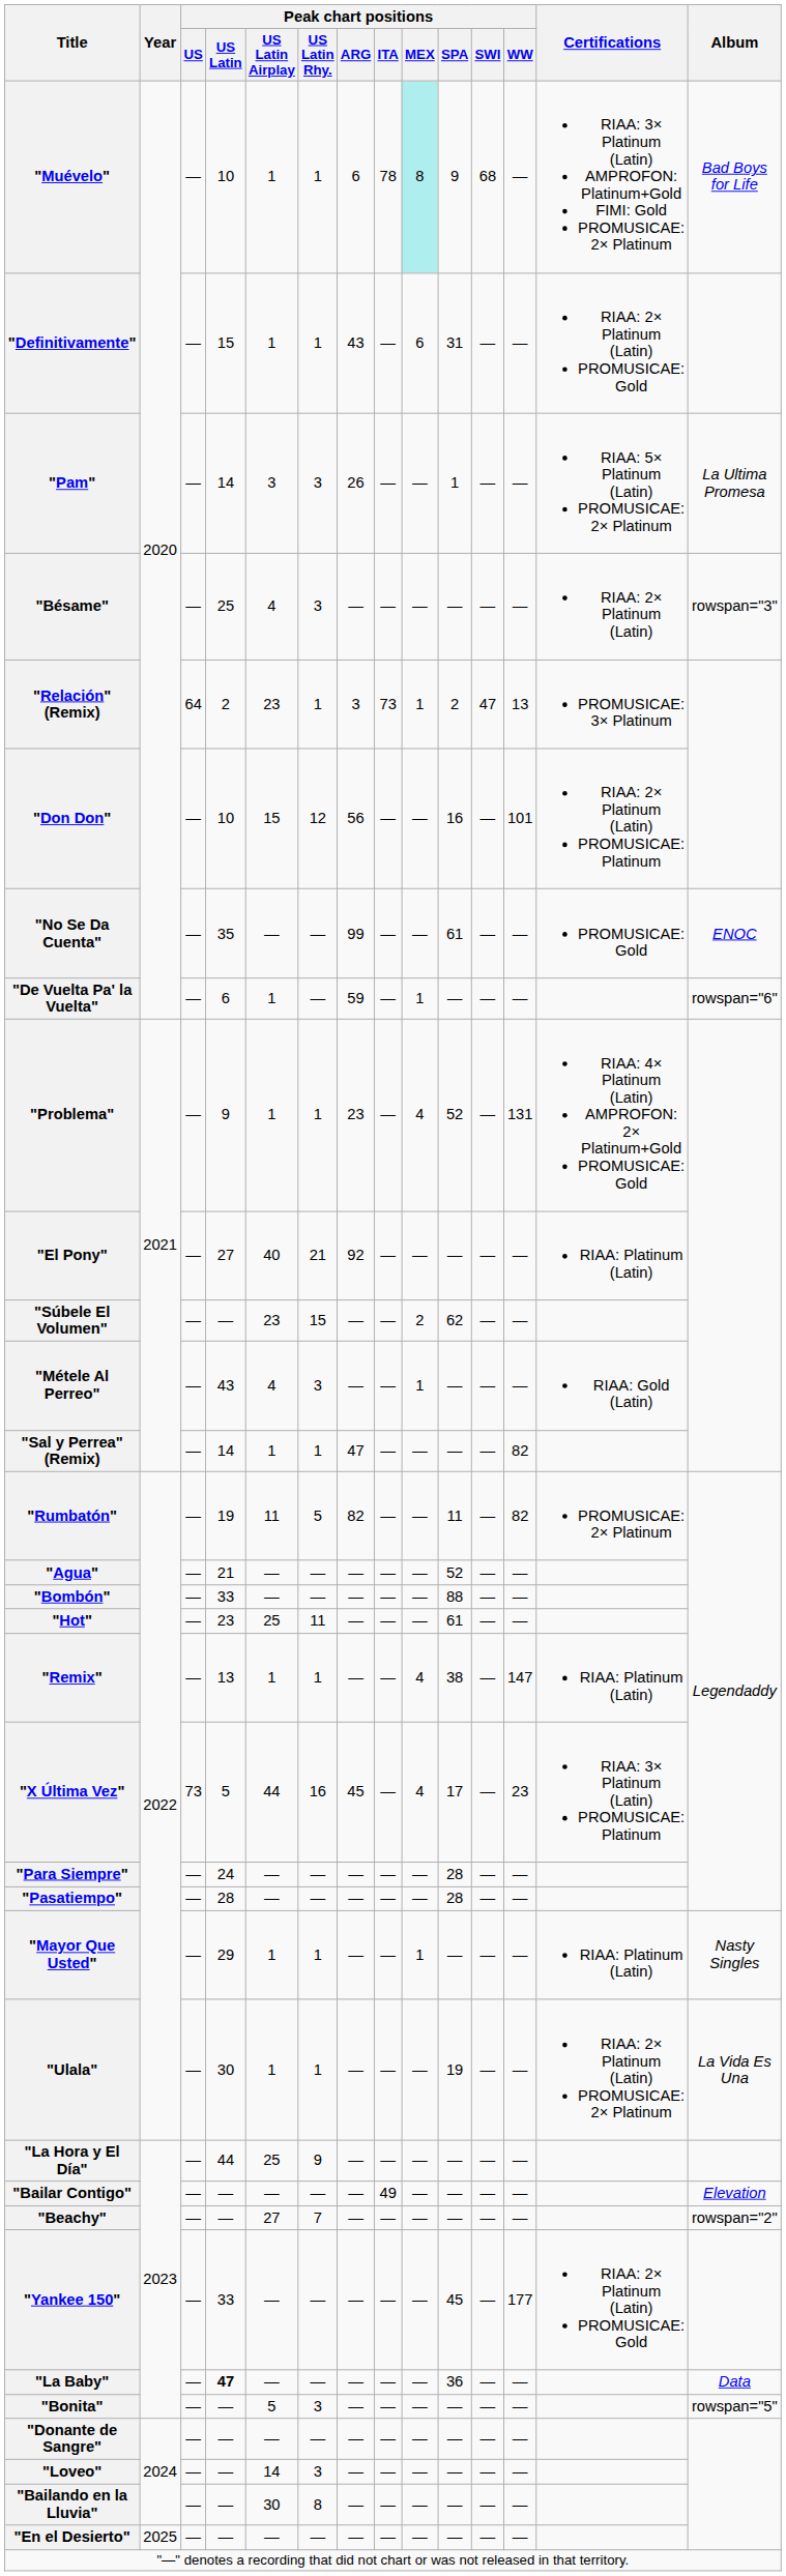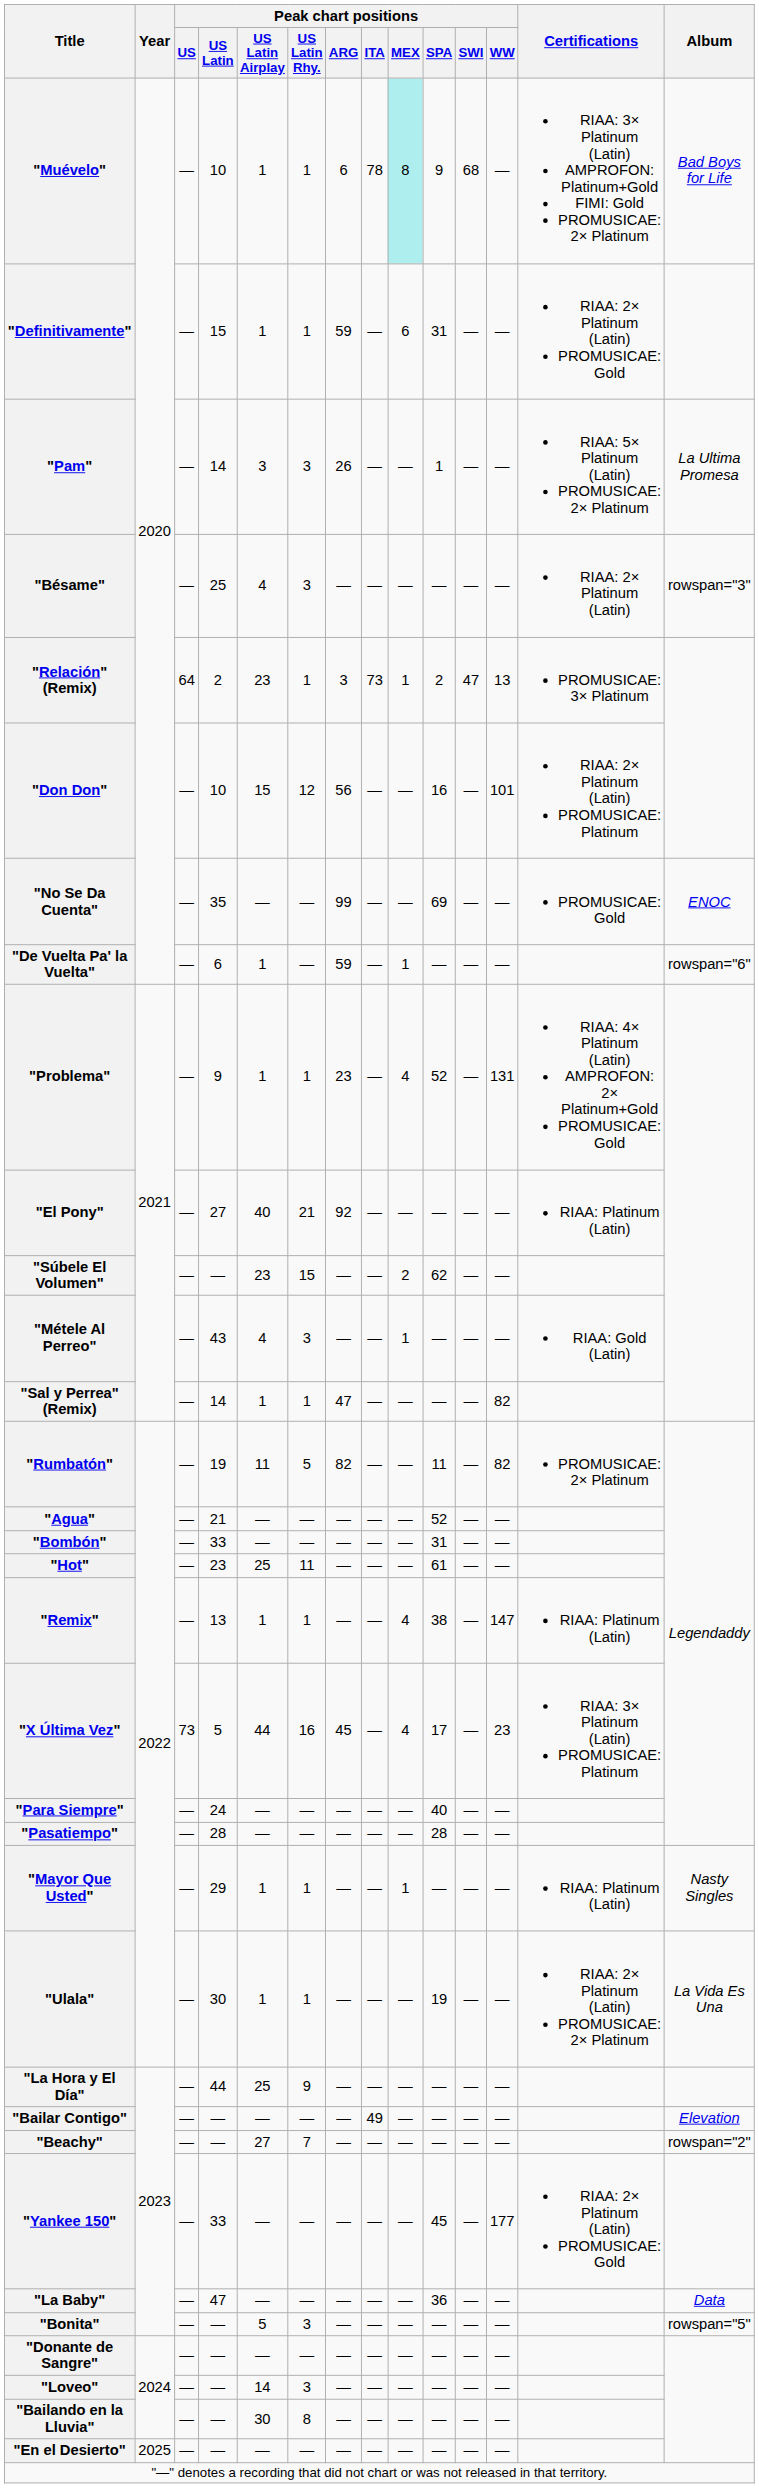 <table class="wikitable plainrowheaders" style="text-align:center;">
 <tr>
 <th scope="col" rowspan="2" style="width:16em;">Title</th>
 <th scope="col" rowspan="2" style="width:1em;">Year</th>
 <th scope="col" colspan="10">Peak chart positions</th>
 <th scope="col" rowspan="2" style="width:14em;"><a href='#'>Certifications</a></th>
 <th scope="col" rowspan="2" style="width:9em;">Album</th>
 </tr>
 <tr>
 <th scope="col" style="width:3em;font-size:90%;"><a href='#'>US</a><br></th>
 <th scope="col" style="width:3em;font-size:90%;"><a href='#'>US<br>Latin</a><br></th>
 <th scope="col" style="width:3em;font-size:90%;"><a href='#'>US<br>Latin<br>Airplay</a><br></th>
 <th scope="col" style="width:3em;font-size:90%;"><a href='#'>US<br>Latin<br>Rhy.</a><br></th>
 <th scope="col" style="width:3em;font-size:90%;"><a href='#'>ARG</a><br></th>
 <th scope="col" style="width:3em;font-size:90%;"><a href='#'>ITA</a><br></th>
 <th scope="col" style="width:3em;font-size:90%;"><a href='#'>MEX</a><br></th>
 <th scope="col" style="width:3em;font-size:90%;"><a href='#'>SPA</a><br></th>
 <th scope="col" style="width:2.5em;font-size:90%;"><a href='#'>SWI</a> <br></th>
 <th scope="col" style="width:2.5em;font-size:90%;"><a href='#'>WW</a><br></th>
 </tr>
 <tr>
 <th scope="row">"<a href='#'>Muévelo</a>"<br></th>
 <td rowspan="8">2020</td>
 <td>—</td>
 <td>10</td>
 <td>1</td>
 <td>1</td>
 <td>6</td>
 <td>78</td>
 <td style="background: paleturquoise;">8</td>
 <td>9</td>
 <td>68</td>
 <td>—</td>
 <td><br><ul><li>RIAA: 3× Platinum (Latin)</li><li>AMPROFON: Platinum+Gold</li><li>FIMI: Gold</li><li>PROMUSICAE: 2× Platinum</li></ul></td>
 <td><em><a href='#'>Bad Boys for Life</a></em></td>
 </tr>
 <tr>
 <th scope="row">"<a href='#'>Definitivamente</a>"<br></th>
 <td>—</td>
 <td>15</td>
 <td>1</td>
 <td>1</td>
-<td>43</td>
+<td>59</td>
 <td>—</td>
 <td>6</td>
 <td>31</td>
 <td>—</td>
 <td>—</td>
 <td><br><ul><li>RIAA: 2× Platinum (Latin)</li><li>PROMUSICAE: Gold</li></ul></td>
 <td></td>
 </tr>
 <tr>
 <th scope="row">"<a href='#'>Pam</a>"<br></th>
 <td>—</td>
 <td>14</td>
 <td>3</td>
 <td>3</td>
 <td>26</td>
 <td>—</td>
 <td>—</td>
 <td>1</td>
 <td>—</td>
 <td>—</td>
 <td><br><ul><li>RIAA: 5× Platinum (Latin)</li><li>PROMUSICAE: 2× Platinum</li></ul></td>
 <td><em>La Ultima Promesa</em></td>
 </tr>
 <tr>
 <th scope="row">"Bésame"<br></th>
 <td>—</td>
 <td>25</td>
 <td>4</td>
 <td>3</td>
 <td>—</td>
 <td>—</td>
 <td>—</td>
 <td>—</td>
 <td>—</td>
 <td>—</td>
 <td><br><ul><li>RIAA: 2× Platinum (Latin)</li></ul></td>
 <td>rowspan="3" </td>
 </tr>
 <tr>
 <th scope="row">"<a href='#'>Relación</a>" (Remix)<br></th>
 <td>64</td>
 <td>2</td>
 <td>23</td>
 <td>1</td>
 <td>3</td>
 <td>73</td>
 <td>1</td>
 <td>2</td>
 <td>47</td>
 <td>13</td>
 <td><br><ul><li>PROMUSICAE: 3× Platinum</li></ul></td>
 </tr>
 <tr>
 <th scope="row">"<a href='#'>Don Don</a>"<br></th>
 <td>—</td>
 <td>10</td>
 <td>15</td>
 <td>12</td>
 <td>56</td>
 <td>—</td>
 <td>—</td>
 <td>16</td>
 <td>—</td>
 <td>101</td>
 <td><br><ul><li>RIAA: 2× Platinum (Latin)</li><li>PROMUSICAE: Platinum</li></ul></td>
 </tr>
 <tr>
 <th scope="row">"No Se Da Cuenta"<br></th>
 <td>—</td>
 <td>35</td>
 <td>—</td>
 <td>—</td>
 <td>99</td>
 <td>—</td>
 <td>—</td>
-<td>61</td>
+<td>69</td>
 <td>—</td>
 <td>—</td>
 <td><br><ul><li>PROMUSICAE: Gold</li></ul></td>
 <td><em><a href='#'>ENOC</a></em></td>
 </tr>
 <tr>
 <th scope="row">"De Vuelta Pa' la Vuelta"<br></th>
 <td>—</td>
 <td>6</td>
 <td>1</td>
 <td>—</td>
 <td>59</td>
 <td>—</td>
 <td>1</td>
 <td>—</td>
 <td>—</td>
 <td>—</td>
 <td></td>
 <td>rowspan="6" </td>
 </tr>
 <tr>
 <th scope="row">"Problema"</th>
 <td rowspan="5">2021</td>
 <td>—</td>
 <td>9</td>
 <td>1</td>
 <td>1</td>
 <td>23</td>
 <td>—</td>
 <td>4</td>
 <td>52</td>
 <td>—</td>
 <td>131</td>
 <td><br><ul><li>RIAA: 4× Platinum (Latin)</li><li>AMPROFON: 2× Platinum+Gold</li><li>PROMUSICAE: Gold</li></ul></td>
 </tr>
 <tr>
 <th scope="row">"El Pony"</th>
 <td>—</td>
 <td>27</td>
 <td>40</td>
 <td>21</td>
 <td>92</td>
 <td>—</td>
 <td>—</td>
 <td>—</td>
 <td>—</td>
 <td>—</td>
 <td><br><ul><li>RIAA: Platinum (Latin)</li></ul></td>
 </tr>
 <tr>
 <th scope="row">"Súbele El Volumen"<br></th>
 <td>—</td>
 <td>—</td>
 <td>23</td>
 <td>15</td>
 <td>—</td>
 <td>—</td>
 <td>2</td>
 <td>62</td>
 <td>—</td>
 <td>—</td>
 <td></td>
 </tr>
 <tr>
 <th scope="row">"Métele Al Perreo"</th>
 <td>—</td>
 <td>43</td>
 <td>4</td>
 <td>3</td>
 <td>—</td>
 <td>—</td>
 <td>1</td>
 <td>—</td>
 <td>—</td>
 <td>—</td>
 <td><br><ul><li>RIAA: Gold (Latin)</li></ul></td>
 </tr>
 <tr>
 <th scope="row">"Sal y Perrea" (Remix)<br></th>
 <td>—</td>
 <td>14</td>
 <td>1</td>
 <td>1</td>
 <td>47</td>
 <td>—</td>
 <td>—</td>
 <td>—</td>
 <td>—</td>
 <td>82</td>
 <td></td>
 </tr>
 <tr>
 <th scope="row">"<a href='#'>Rumbatón</a>"</th>
 <td rowspan="10">2022</td>
 <td>—</td>
 <td>19</td>
 <td>11</td>
 <td>5</td>
 <td>82</td>
 <td>—</td>
 <td>—</td>
 <td>11</td>
 <td>—</td>
 <td>82</td>
 <td><br><ul><li>PROMUSICAE: 2× Platinum</li></ul></td>
 <td rowspan="8"><em>Legendaddy</em></td>
 </tr>
 <tr>
 <th scope="row">"<a href='#'>Agua</a>"<br></th>
 <td>—</td>
 <td>21</td>
 <td>—</td>
 <td>—</td>
 <td>—</td>
 <td>—</td>
 <td>—</td>
 <td>52</td>
 <td>—</td>
 <td>—</td>
 <td></td>
 </tr>
 <tr>
 <th scope="row">"<a href='#'>Bombón</a>"<br></th>
 <td>—</td>
 <td>33</td>
 <td>—</td>
 <td>—</td>
 <td>—</td>
 <td>—</td>
 <td>—</td>
-<td>88</td>
+<td>31</td>
 <td>—</td>
 <td>—</td>
 <td></td>
 </tr>
 <tr>
 <th scope="row">"<a href='#'>Hot</a>"<br></th>
 <td>—</td>
 <td>23</td>
 <td>25</td>
 <td>11</td>
 <td>—</td>
 <td>—</td>
 <td>—</td>
 <td>61</td>
 <td>—</td>
 <td>—</td>
 <td></td>
 </tr>
 <tr>
 <th scope="row">"<a href='#'>Remix</a>"</th>
 <td>—</td>
 <td>13</td>
 <td>1</td>
 <td>1</td>
 <td>—</td>
 <td>—</td>
 <td>4</td>
 <td>38</td>
 <td>—</td>
 <td>147</td>
 <td><br><ul><li>RIAA: Platinum (Latin)</li></ul></td>
 </tr>
 <tr>
 <th scope="row">"<a href='#'>X Última Vez</a>"<br></th>
 <td>73</td>
 <td>5</td>
 <td>44</td>
 <td>16</td>
 <td>45</td>
 <td>—</td>
 <td>4</td>
 <td>17</td>
 <td>—</td>
 <td>23</td>
 <td><br><ul><li>RIAA: 3× Platinum (Latin)</li><li>PROMUSICAE: Platinum</li></ul></td>
 </tr>
 <tr>
 <th scope="row">"<a href='#'>Para Siempre</a>"<br></th>
 <td>—</td>
 <td>24</td>
 <td>—</td>
 <td>—</td>
 <td>—</td>
 <td>—</td>
 <td>—</td>
-<td>28</td>
+<td>40</td>
 <td>—</td>
 <td>—</td>
 <td></td>
 </tr>
 <tr>
 <th scope="row">"<a href='#'>Pasatiempo</a>"<br></th>
 <td>—</td>
 <td>28</td>
 <td>—</td>
 <td>—</td>
 <td>—</td>
 <td>—</td>
 <td>—</td>
 <td>28</td>
 <td>—</td>
 <td>—</td>
 <td></td>
 </tr>
 <tr>
 <th scope="row">"<a href='#'>Mayor Que Usted</a>"<br></th>
 <td>—</td>
 <td>29</td>
 <td>1</td>
 <td>1</td>
 <td>—</td>
 <td>—</td>
 <td>1</td>
 <td>—</td>
 <td>—</td>
 <td>—</td>
 <td><br><ul><li>RIAA: Platinum (Latin)</li></ul></td>
 <td><em>Nasty Singles</em></td>
 </tr>
 <tr>
 <th scope="row">"Ulala"<br></th>
 <td>—</td>
 <td>30</td>
 <td>1</td>
 <td>1</td>
 <td>—</td>
 <td>—</td>
 <td>—</td>
 <td>19</td>
 <td>—</td>
 <td>—</td>
 <td><br><ul><li>RIAA: 2× Platinum (Latin)</li><li>PROMUSICAE: 2× Platinum</li></ul></td>
 <td><em>La Vida Es Una</em></td>
 </tr>
 <tr>
 <th scope="row">"La Hora y El Día"<br></th>
 <td rowspan="6">2023</td>
 <td>—</td>
 <td>44</td>
 <td>25</td>
 <td>9</td>
 <td>—</td>
 <td>—</td>
 <td>—</td>
 <td>—</td>
 <td>—</td>
 <td>—</td>
 <td></td>
 <td></td>
 </tr>
 <tr>
 <th scope="row">"Bailar Contigo"<br></th>
 <td>—</td>
 <td>—</td>
 <td>—</td>
 <td>—</td>
 <td>—</td>
 <td>49</td>
 <td>—</td>
 <td>—</td>
 <td>—</td>
 <td>—</td>
 <td></td>
 <td><em><a href='#'>Elevation</a></em></td>
 </tr>
 <tr>
 <th scope="row">"Beachy"<br></th>
 <td>—</td>
 <td>—</td>
 <td>27</td>
 <td>7</td>
 <td>—</td>
 <td>—</td>
 <td>—</td>
 <td>—</td>
 <td>—</td>
 <td>—</td>
 <td></td>
 <td>rowspan="2" </td>
 </tr>
 <tr>
 <th scope="row">"<a href='#'>Yankee 150</a>"<br></th>
 <td>—</td>
 <td>33</td>
 <td>—</td>
 <td>—</td>
 <td>—</td>
 <td>—</td>
 <td>—</td>
 <td>45</td>
 <td>—</td>
 <td>177</td>
 <td><br><ul><li>RIAA: 2× Platinum (Latin)</li><li>PROMUSICAE: Gold</li></ul></td>
 </tr>
 <tr>
 <th scope="row">"La Baby"<br></th>
 <td>—</td>
-<td><strong>47</strong></td>
+<td>47</td>
 <td>—</td>
 <td>—</td>
 <td>—</td>
 <td>—</td>
 <td>—</td>
 <td>36</td>
 <td>—</td>
 <td>—</td>
 <td></td>
 <td><em><a href='#'>Data</a></em></td>
 </tr>
 <tr>
 <th scope="row">"Bonita"</th>
 <td>—</td>
 <td>—</td>
 <td>5</td>
 <td>3</td>
 <td>—</td>
 <td>—</td>
 <td>—</td>
 <td>—</td>
 <td>—</td>
 <td>—</td>
 <td></td>
 <td>rowspan="5" </td>
 </tr>
 <tr>
 <th scope="row">"Donante de Sangre"</th>
 <td rowspan="3">2024</td>
 <td>—</td>
 <td>—</td>
 <td>—</td>
 <td>—</td>
 <td>—</td>
 <td>—</td>
 <td>—</td>
 <td>—</td>
 <td>—</td>
 <td>—</td>
 <td></td>
 </tr>
 <tr>
 <th scope="row">"Loveo"</th>
 <td>—</td>
 <td>—</td>
 <td>14</td>
 <td>3</td>
 <td>—</td>
 <td>—</td>
 <td>—</td>
 <td>—</td>
 <td>—</td>
 <td>—</td>
 <td></td>
 </tr>
 <tr>
 <th scope="row">"Bailando en la Lluvia"</th>
 <td>—</td>
 <td>—</td>
 <td>30</td>
 <td>8</td>
 <td>—</td>
 <td>—</td>
 <td>—</td>
 <td>—</td>
 <td>—</td>
 <td>—</td>
 <td></td>
 </tr>
 <tr>
 <th scope="row">"En el Desierto"</th>
 <td>2025</td>
 <td>—</td>
 <td>—</td>
 <td>—</td>
 <td>—</td>
 <td>—</td>
 <td>—</td>
 <td>—</td>
 <td>—</td>
 <td>—</td>
 <td>—</td>
 <td></td>
 </tr>
 <tr>
 <td colspan="16" style="font-size:90%">"—" denotes a recording that did not chart or was not released in that territory.</td>
 </tr>
 </table>
